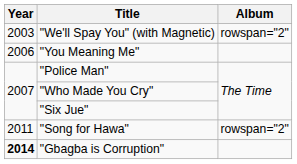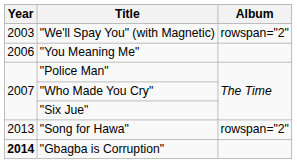 <table class="wikitable sortable">
 <tr>
 <th>Year</th>
 <th>Title</th>
 <th>Album</th>
 </tr>
 <tr>
 <td>2003</td>
 <td>"We'll Spay You" <span>(with Magnetic)</span></td>
 <td>rowspan="2"</td>
 </tr>
 <tr>
 <td>2006</td>
 <td>"You Meaning Me"</td>
 </tr>
 <tr>
 <td rowspan="3">2007</td>
 <td>"Police Man"</td>
 <td rowspan="3"><em>The Time</em></td>
 </tr>
 <tr>
 <td>"Who Made You Cry"</td>
 </tr>
 <tr>
 <td>"Six Jue"</td>
 </tr>
 <tr>
-<td>2011</td>
+<td>2013</td>
 <td>"Song for Hawa"</td>
 <td>rowspan="2"</td>
 </tr>
 <tr>
 <td><strong>2014</strong></td>
 <td>"Gbagba is Corruption"</td>
 </tr>
 </table>
